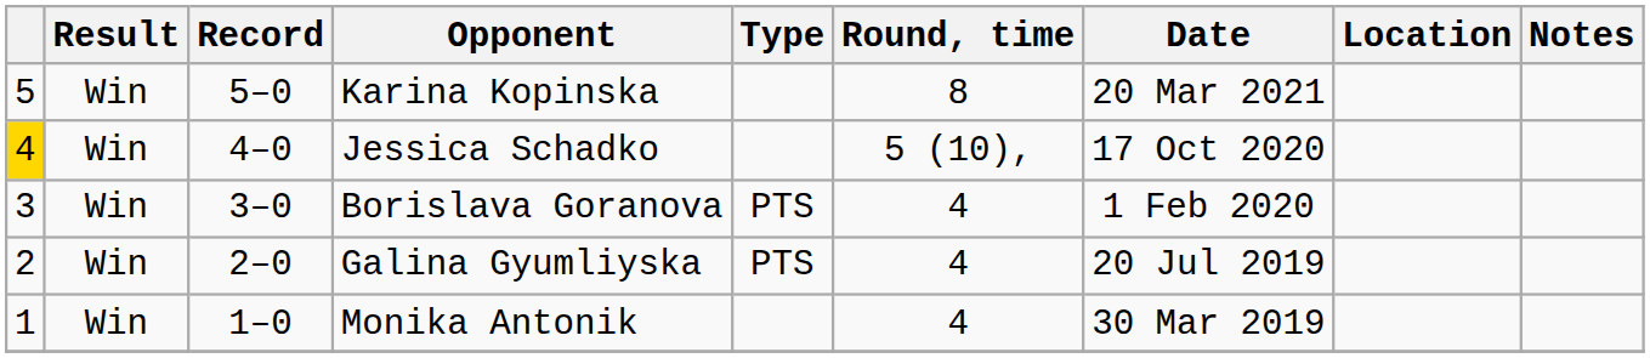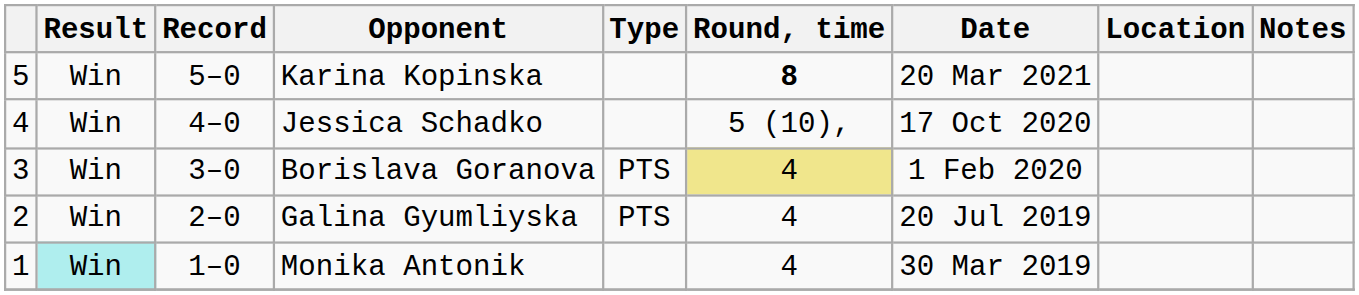 <table class="wikitable" style="text-align:center">
 <tr>
 <th></th>
 <th>Result</th>
 <th>Record</th>
 <th>Opponent</th>
 <th>Type</th>
 <th>Round, time</th>
 <th>Date</th>
 <th>Location</th>
 <th>Notes</th>
 </tr>
 <tr>
 <td>5</td>
 <td>Win</td>
 <td>5–0</td>
 <td align=left> Karina Kopinska</td>
 <td></td>
-<td>8</td>
+<td><strong>8</strong></td>
 <td>20 Mar 2021</td>
 <td align=left></td>
 <td></td>
 </tr>
 <tr>
-<td style="background: gold;">4</td>
+<td>4</td>
 <td>Win</td>
 <td>4–0</td>
 <td align=left> Jessica Schadko</td>
 <td></td>
 <td>5 (10), </td>
 <td>17 Oct 2020</td>
 <td align=left></td>
 <td align=left></td>
 </tr>
 <tr>
 <td>3</td>
 <td>Win</td>
 <td>3–0</td>
 <td align=left> Borislava Goranova</td>
 <td>PTS</td>
-<td>4</td>
+<td style="background: khaki;">4</td>
 <td>1 Feb 2020</td>
 <td align=left></td>
 <td></td>
 </tr>
 <tr>
 <td>2</td>
 <td>Win</td>
 <td>2–0</td>
 <td align=left> Galina Gyumliyska</td>
 <td>PTS</td>
 <td>4</td>
 <td>20 Jul 2019</td>
 <td align=left></td>
 <td></td>
 </tr>
 <tr>
 <td>1</td>
-<td>Win</td>
+<td style="background: paleturquoise;">Win</td>
 <td>1–0</td>
 <td align=left> Monika Antonik</td>
 <td></td>
 <td>4</td>
 <td>30 Mar 2019</td>
 <td align=left></td>
 <td></td>
 </tr>
 <tr>
 </tr>
 </table>
